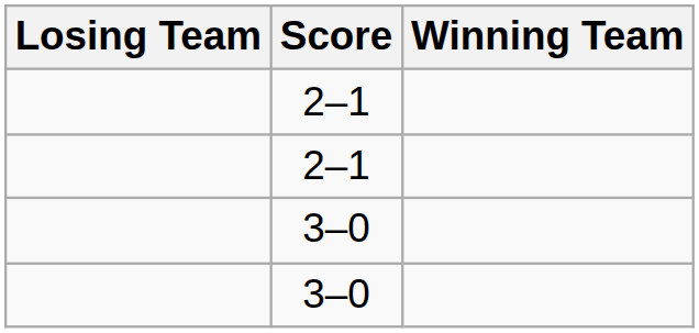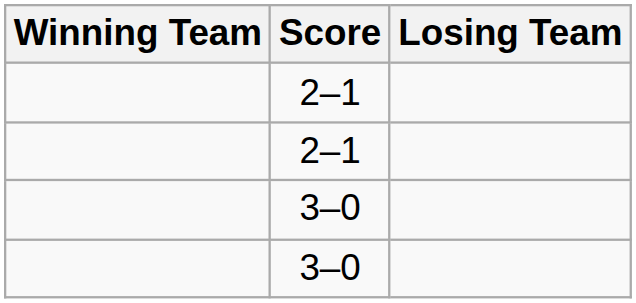 <table class=wikitable style="border:1px solid #AAAAAA;">
 <tr>
+<th>Winning Team</th>
+<th>Score</th>
 <th>Losing Team</th>
-<th>Score</th>
-<th>Winning Team</th>
 </tr>
 <tr>
+<td><strong></strong></td>
+<td align="center">2–1</td>
 <td></td>
-<td align="center">2–1</td>
-<td><strong></strong></td>
 </tr>
 <tr>
 <td></td>
 <td align="center">2–1</td>
 <td></td>
 </tr>
 <tr>
 <td></td>
 <td align="center">3–0</td>
 <td></td>
 </tr>
 <tr>
+<td><strong></strong></td>
+<td align="center">3–0</td>
 <td></td>
-<td align="center">3–0</td>
-<td><strong></strong></td>
 </tr>
 </table>
